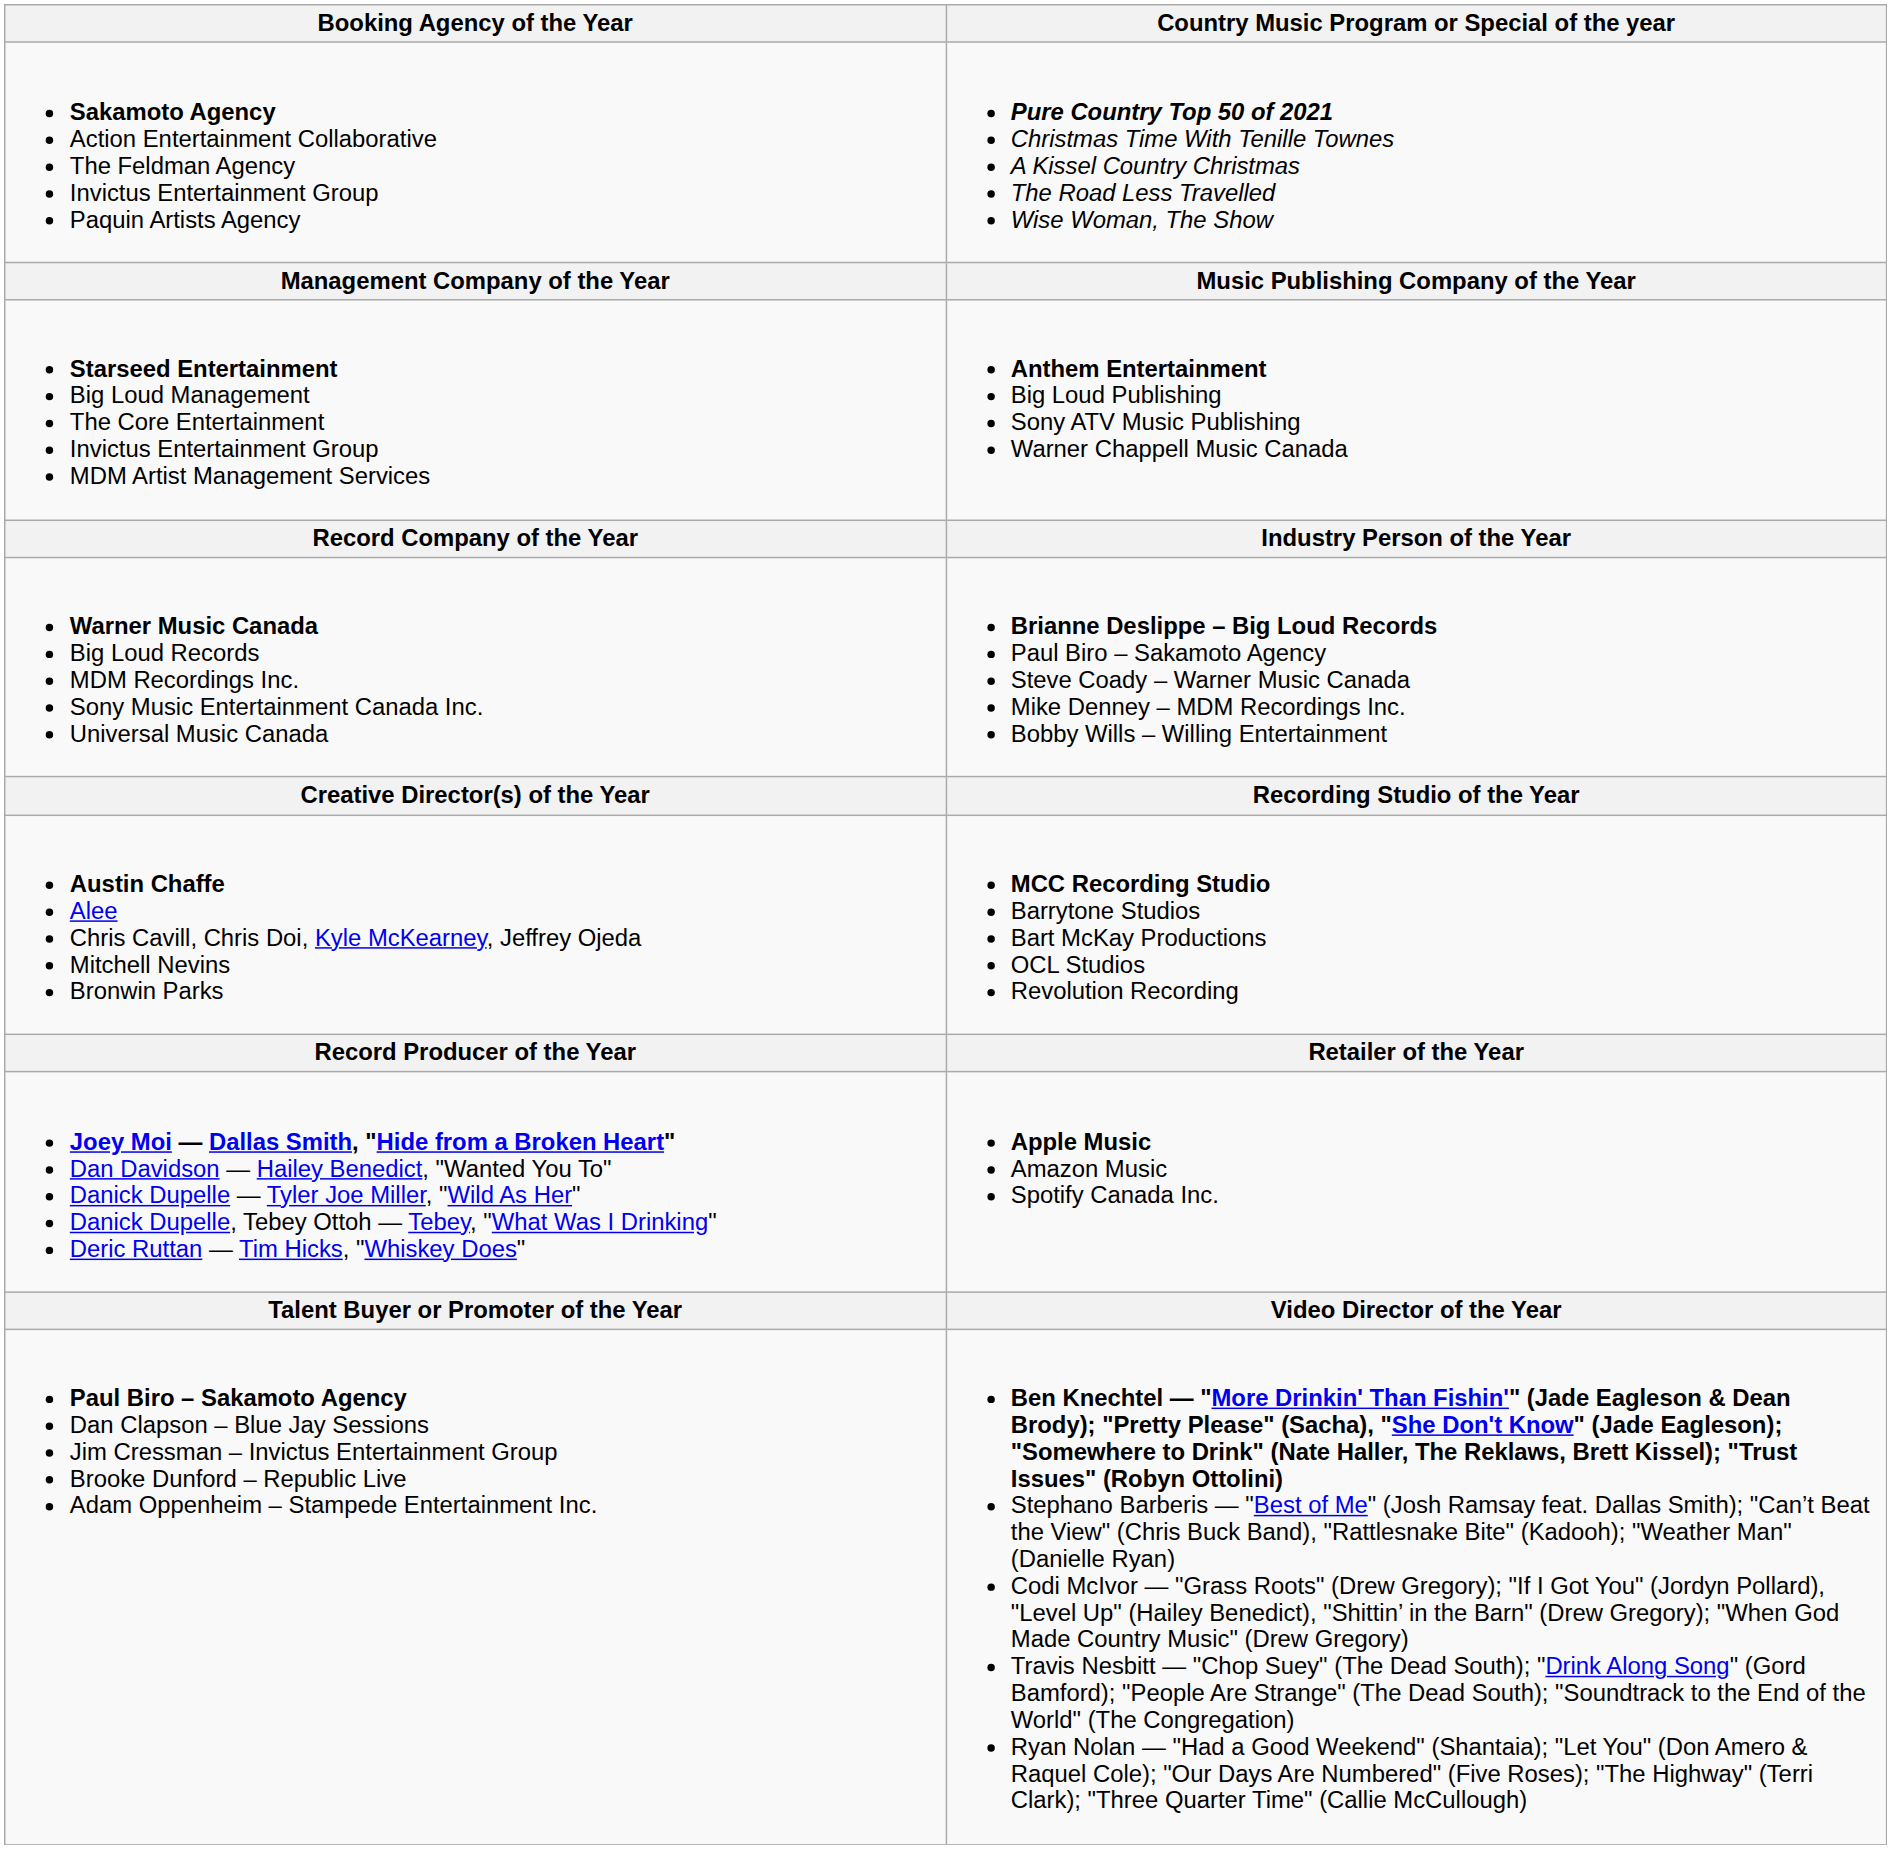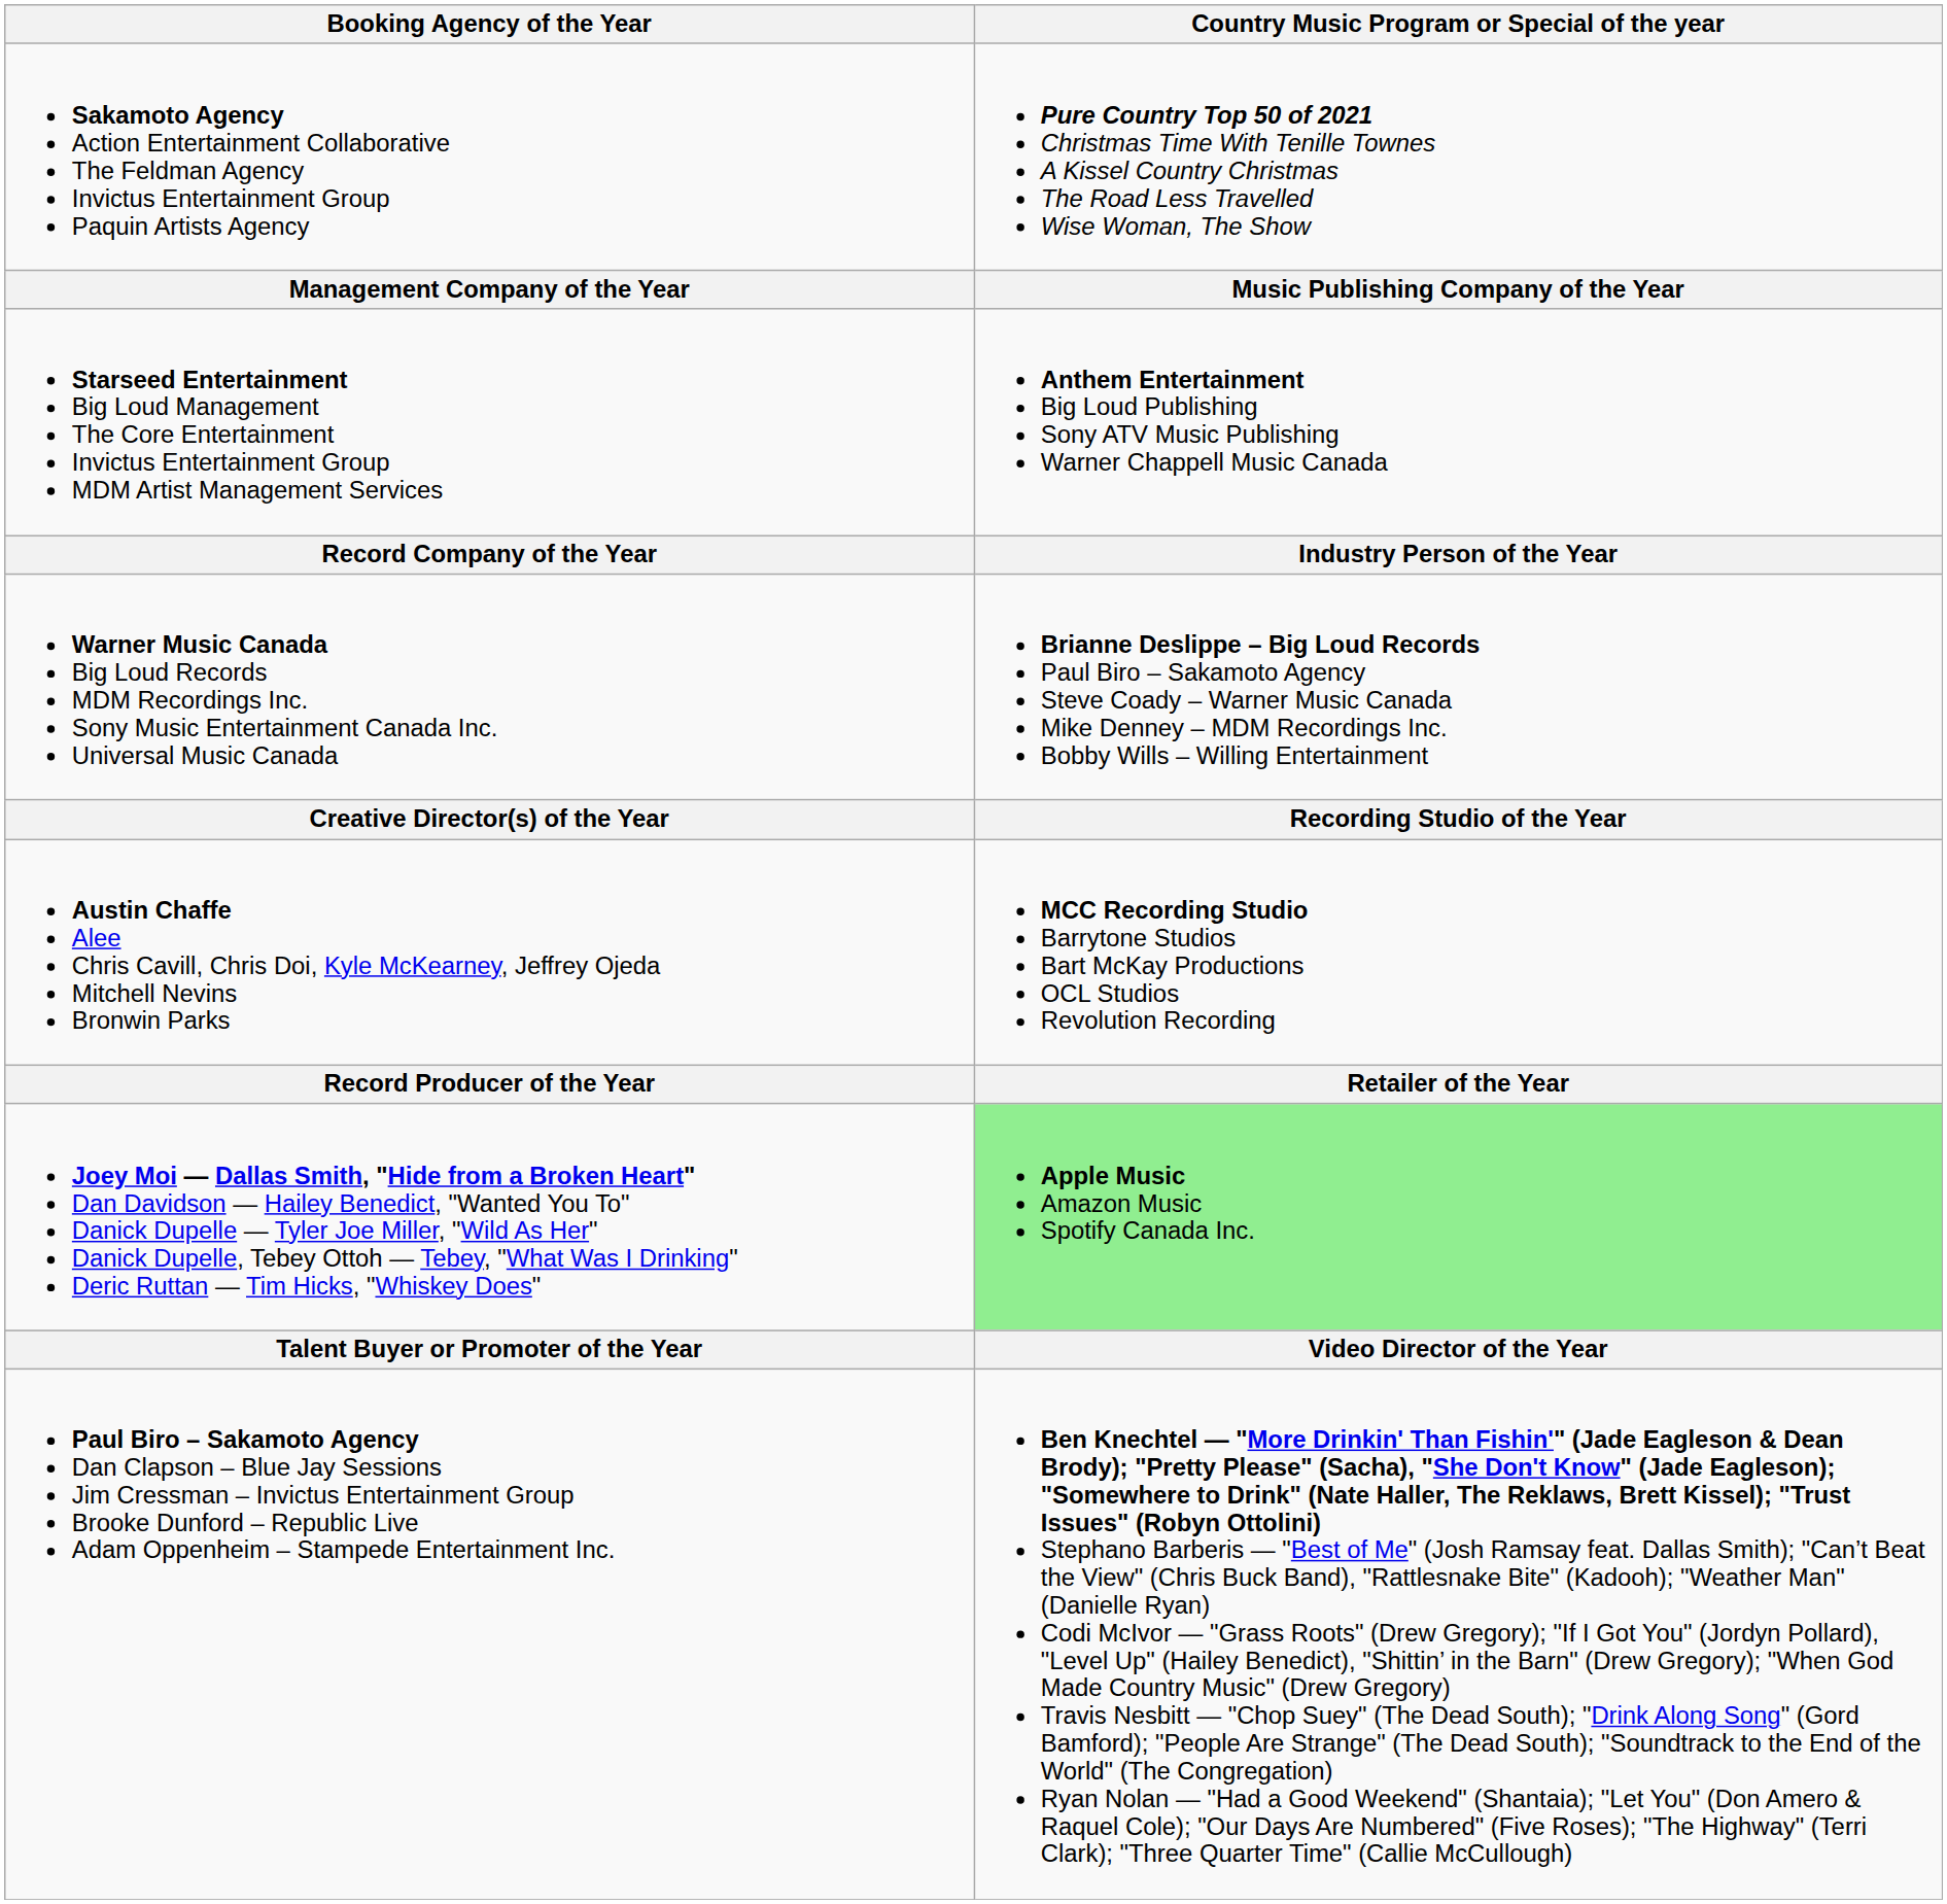 <table class="wikitable" style="width:100%">
 <tr>
 <th style="width:50%">Booking Agency of the Year</th>
 <th style="width:50%">Country Music Program or Special of the year</th>
 </tr>
 <tr>
 <td valign="top"><br><ul><li> <strong>Sakamoto Agency</strong></li><li>Action Entertainment Collaborative</li><li>The Feldman Agency</li><li>Invictus Entertainment Group</li><li>Paquin Artists Agency</li></ul></td>
 <td valign="top"><br><ul><li> <strong><em>Pure Country Top 50 of 2021</em></strong></li><li><em>Christmas Time With Tenille Townes</em></li><li><em>A Kissel Country Christmas</em></li><li><em>The Road Less Travelled</em></li><li><em>Wise Woman, The Show</li></ul></td>
 </tr>
 <tr>
 <th style="width:50%">Management Company of the Year</th>
 <th style="width:50%">Music Publishing Company of the Year</th>
 </tr>
 <tr>
 <td valign="top"><br><ul><li> <strong>Starseed Entertainment</strong></li><li>Big Loud Management</li><li>The Core Entertainment</li><li>Invictus Entertainment Group</li><li>MDM Artist Management Services</li></ul></td>
 <td valign="top"><br><ul><li> <strong>Anthem Entertainment</strong></li><li>Big Loud Publishing</li><li>Sony ATV Music Publishing</li><li>Warner Chappell Music Canada</li></ul></td>
 </tr>
 <tr>
 <th style="width:50%">Record Company of the Year</th>
 <th style="width:50%">Industry Person of the Year</th>
 </tr>
 <tr>
 <td valign="top"><br><ul><li> <strong>Warner Music Canada</strong></li><li>Big Loud Records</li><li>MDM Recordings Inc.</li><li>Sony Music Entertainment Canada Inc.</li><li>Universal Music Canada</li></ul></td>
 <td valign="top"><br><ul><li> <strong>Brianne Deslippe – Big Loud Records</strong></li><li>Paul Biro – Sakamoto Agency</li><li>Steve Coady – Warner Music Canada</li><li>Mike Denney – MDM Recordings Inc.</li><li>Bobby Wills – Willing Entertainment</li></ul></td>
 </tr>
 <tr>
 <th style="width:50%">Creative Director(s) of the Year</th>
 <th style="width:50%">Recording Studio of the Year</th>
 </tr>
 <tr>
 <td valign="top"><br><ul><li> <strong>Austin Chaffe</strong></li><li><a href='#'>Alee</a></li><li>Chris Cavill, Chris Doi, <a href='#'>Kyle McKearney</a>, Jeffrey Ojeda</li><li>Mitchell Nevins</li><li>Bronwin Parks</li></ul></td>
 <td valign="top"><br><ul><li> <strong>MCC Recording Studio</strong></li><li>Barrytone Studios</li><li>Bart McKay Productions</li><li>OCL Studios</li><li>Revolution Recording</li></ul></td>
 </tr>
 <tr>
 <th style="width:50%">Record Producer of the Year</th>
 <th style="width:50%">Retailer of the Year</th>
 </tr>
 <tr>
 <td valign="top"><br><ul><li> <strong><a href='#'>Joey Moi</a> — <a href='#'>Dallas Smith</a>, "<a href='#'>Hide from a Broken Heart</a>"</strong></li><li><a href='#'>Dan Davidson</a> — <a href='#'>Hailey Benedict</a>, "Wanted You To"</li><li><a href='#'>Danick Dupelle</a> — <a href='#'>Tyler Joe Miller</a>, "<a href='#'>Wild As Her</a>"</li><li><a href='#'>Danick Dupelle</a>, Tebey Ottoh — <a href='#'>Tebey</a>, "<a href='#'>What Was I Drinking</a>"</li><li><a href='#'>Deric Ruttan</a> — <a href='#'>Tim Hicks</a>, "<a href='#'>Whiskey Does</a>"</li></ul></td>
-<td valign="top"><br><ul><li> <strong>Apple Music</strong></li><li>Amazon Music</li><li>Spotify Canada Inc.</li></ul></td>
+<td valign="top" style="background: lightgreen;"><br><ul><li> <strong>Apple Music</strong></li><li>Amazon Music</li><li>Spotify Canada Inc.</li></ul></td>
 </tr>
 <tr>
 <th style="width:50%">Talent Buyer or Promoter of the Year</th>
 <th style="width:50%">Video Director of the Year</th>
 </tr>
 <tr>
 <td valign="top"><br><ul><li> <strong>Paul Biro – Sakamoto Agency</strong></li><li>Dan Clapson – Blue Jay Sessions</li><li>Jim Cressman – Invictus Entertainment Group</li><li>Brooke Dunford – Republic Live</li><li>Adam Oppenheim – Stampede Entertainment Inc.</li></ul></td>
 <td valign="top"><br><ul><li> <strong>Ben Knechtel — "<a href='#'>More Drinkin' Than Fishin'</a>" (Jade Eagleson & Dean Brody); "Pretty Please" (Sacha), "<a href='#'>She Don't Know</a>" (Jade Eagleson); "Somewhere to Drink" (Nate Haller, The Reklaws, Brett Kissel); "Trust Issues" (Robyn Ottolini)</strong></li><li>Stephano Barberis — "<a href='#'>Best of Me</a>" (Josh Ramsay feat. Dallas Smith); "Can’t Beat the View" (Chris Buck Band), "Rattlesnake Bite" (Kadooh); "Weather Man" (Danielle Ryan)</li><li>Codi McIvor — "Grass Roots" (Drew Gregory); "If I Got You" (Jordyn Pollard), "Level Up" (Hailey Benedict), "Shittin’ in the Barn" (Drew Gregory); "When God Made Country Music" (Drew Gregory)</li><li>Travis Nesbitt — "Chop Suey" (The Dead South); "<a href='#'>Drink Along Song</a>" (Gord Bamford); "People Are Strange" (The Dead South); "Soundtrack to the End of the World" (The Congregation)</li><li>Ryan Nolan — "Had a Good Weekend" (Shantaia); "Let You" (Don Amero & Raquel Cole); "Our Days Are Numbered" (Five Roses); "The Highway" (Terri Clark); "Three Quarter Time" (Callie McCullough)</li></ul></td>
 </tr>
 </table>
